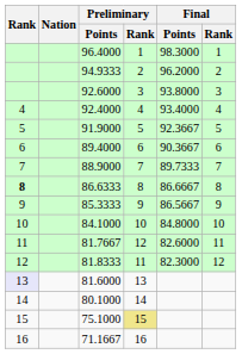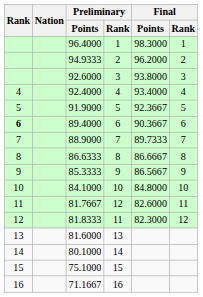 <table class="wikitable sortable" style="text-align:center">
 <tr>
 <th rowspan=2>Rank</th>
 <th rowspan=2>Nation</th>
 <th colspan=2>Preliminary</th>
 <th colspan=2>Final</th>
 </tr>
 <tr>
 <th>Points</th>
 <th>Rank</th>
 <th>Points</th>
 <th>Rank</th>
 </tr>
 <tr bgcolor=ccffcc>
 <td></td>
 <td align=left></td>
 <td>96.4000</td>
 <td>1</td>
 <td>98.3000</td>
 <td>1</td>
 </tr>
 <tr bgcolor=ccffcc>
 <td></td>
 <td align=left></td>
 <td>94.9333</td>
 <td>2</td>
 <td>96.2000</td>
 <td>2</td>
 </tr>
 <tr bgcolor=ccffcc>
 <td></td>
 <td align=left></td>
 <td>92.6000</td>
 <td>3</td>
 <td>93.8000</td>
 <td>3</td>
 </tr>
 <tr bgcolor=ccffcc>
 <td>4</td>
 <td align=left></td>
 <td>92.4000</td>
 <td>4</td>
 <td>93.4000</td>
 <td>4</td>
 </tr>
 <tr bgcolor=ccffcc>
 <td>5</td>
 <td align=left></td>
 <td>91.9000</td>
 <td>5</td>
 <td>92.3667</td>
 <td>5</td>
 </tr>
 <tr bgcolor=ccffcc>
-<td>6</td>
+<td><strong>6</strong></td>
 <td align=left></td>
 <td>89.4000</td>
 <td>6</td>
 <td>90.3667</td>
 <td>6</td>
 </tr>
 <tr bgcolor=ccffcc>
 <td>7</td>
 <td align=left></td>
 <td>88.9000</td>
 <td>7</td>
 <td>89.7333</td>
 <td>7</td>
 </tr>
 <tr bgcolor=ccffcc>
-<td><strong>8</strong></td>
+<td>8</td>
 <td align=left></td>
 <td>86.6333</td>
 <td>8</td>
 <td>86.6667</td>
 <td>8</td>
 </tr>
 <tr bgcolor=ccffcc>
 <td>9</td>
 <td align=left></td>
 <td>85.3333</td>
 <td>9</td>
 <td>86.5667</td>
 <td>9</td>
 </tr>
 <tr bgcolor=ccffcc>
 <td>10</td>
 <td align=left></td>
 <td>84.1000</td>
 <td>10</td>
 <td>84.8000</td>
 <td>10</td>
 </tr>
 <tr bgcolor=ccffcc>
 <td>11</td>
 <td align=left></td>
 <td>81.7667</td>
 <td>12</td>
 <td>82.6000</td>
 <td>11</td>
 </tr>
 <tr bgcolor=ccffcc>
 <td>12</td>
 <td align=left></td>
 <td>81.8333</td>
 <td>11</td>
 <td>82.3000</td>
 <td>12</td>
 </tr>
 <tr>
-<td style="background: lavender;">13</td>
+<td>13</td>
 <td align=left></td>
 <td>81.6000</td>
 <td>13</td>
 <td></td>
 <td></td>
 </tr>
 <tr>
 <td>14</td>
 <td align=left></td>
 <td>80.1000</td>
 <td>14</td>
 <td></td>
 <td></td>
 </tr>
 <tr>
 <td>15</td>
 <td align=left></td>
 <td>75.1000</td>
-<td style="background: khaki;">15</td>
+<td>15</td>
 <td></td>
 <td></td>
 </tr>
 <tr>
 <td>16</td>
 <td align=left></td>
 <td>71.1667</td>
 <td>16</td>
 <td></td>
 <td></td>
 </tr>
 </table>
